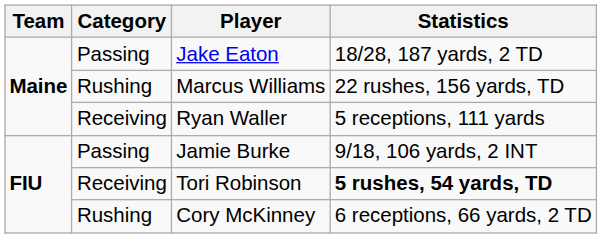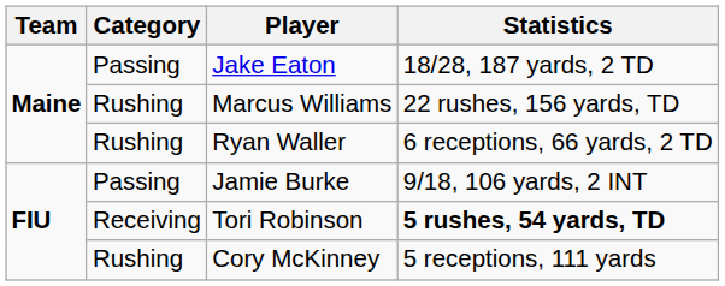 <table class="wikitable" style="float: right;">
 <tr>
 <th>Team</th>
 <th>Category</th>
 <th>Player</th>
 <th>Statistics</th>
 </tr>
 <tr>
 <td rowspan=3><strong>Maine</strong></td>
 <td>Passing</td>
 <td><a href='#'>Jake Eaton</a></td>
 <td>18/28, 187 yards, 2 TD</td>
 </tr>
 <tr>
 <td>Rushing</td>
 <td>Marcus Williams</td>
 <td>22 rushes, 156 yards, TD</td>
 </tr>
 <tr>
-<td>Receiving</td>
+<td>Rushing</td>
 <td>Ryan Waller</td>
-<td>5 receptions, 111 yards</td>
+<td>6 receptions, 66 yards, 2 TD</td>
 </tr>
 <tr>
 <td rowspan=3><strong>FIU</strong></td>
 <td>Passing</td>
 <td>Jamie Burke</td>
 <td>9/18, 106 yards, 2 INT</td>
 </tr>
 <tr>
 <td>Receiving</td>
 <td>Tori Robinson</td>
 <td><strong>5 rushes, 54 yards, TD</strong></td>
 </tr>
 <tr>
 <td>Rushing</td>
 <td>Cory McKinney</td>
-<td>6 receptions, 66 yards, 2 TD</td>
+<td>5 receptions, 111 yards</td>
 </tr>
 </table>
